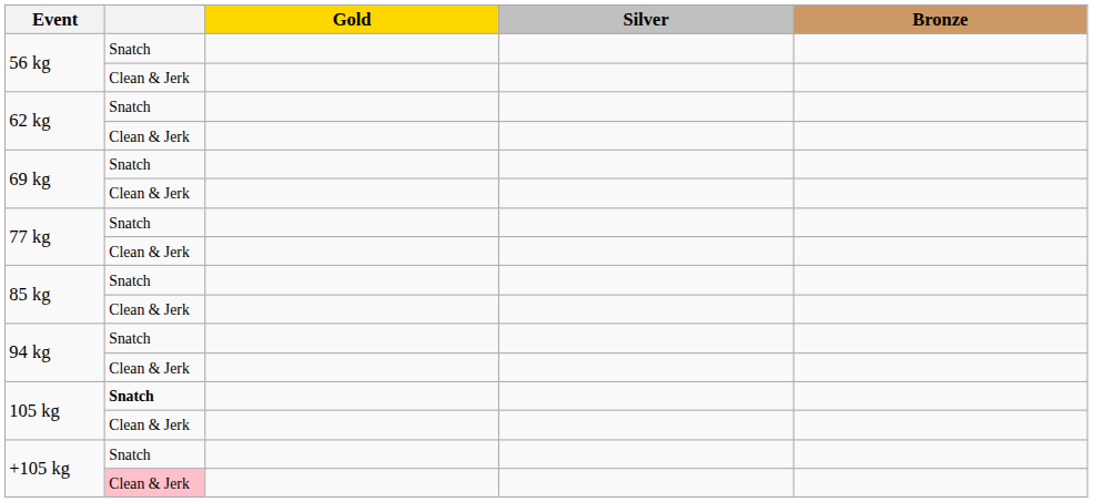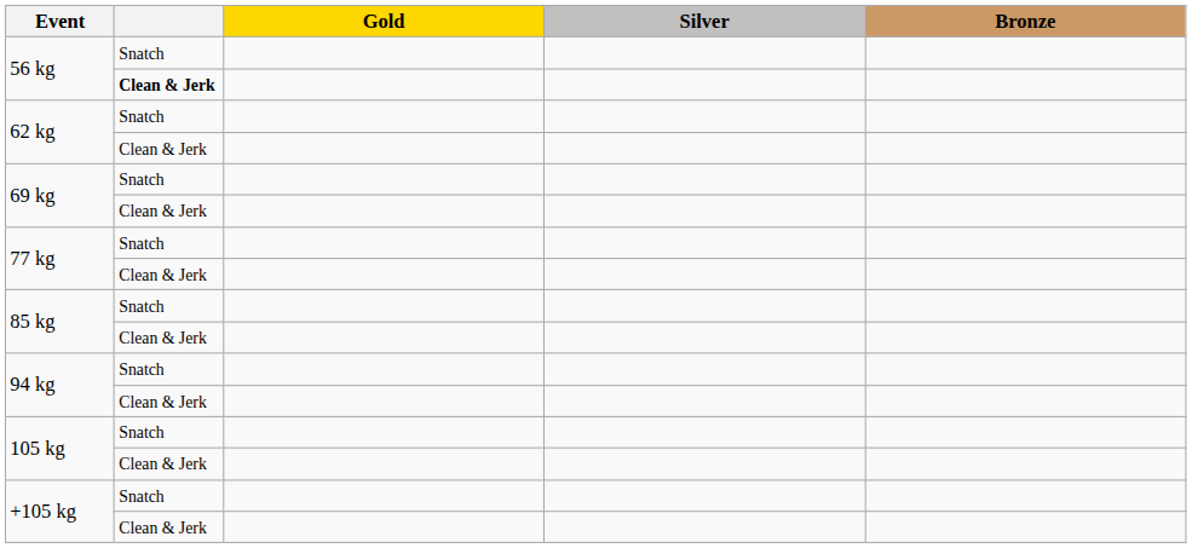 <table class="wikitable">
 <tr>
 <th width=80>Event</th>
 <th width=80></th>
 <td bgcolor=gold align="center" colspan=1 width=250><strong>Gold</strong></td>
 <td bgcolor=silver align="center" colspan=1 width=250><strong>Silver</strong></td>
 <td bgcolor=#cc9966 colspan=1 align="center" width=250><strong>Bronze</strong></td>
 </tr>
 <tr>
 <td rowspan=2>56 kg<br></td>
 <td><small>Snatch</small></td>
 <td></td>
 <td></td>
 <td></td>
 </tr>
 <tr>
-<td><small>Clean & Jerk</small></td>
+<td><strong><small>Clean & Jerk</small></strong></td>
 <td></td>
 <td></td>
 <td></td>
 </tr>
 <tr>
 <td rowspan=2>62 kg<br></td>
 <td><small>Snatch</small></td>
 <td></td>
 <td></td>
 <td></td>
 </tr>
 <tr>
 <td><small>Clean & Jerk</small></td>
 <td></td>
 <td></td>
 <td></td>
 </tr>
 <tr>
 <td rowspan=2>69 kg<br></td>
 <td><small>Snatch</small></td>
 <td></td>
 <td></td>
 <td></td>
 </tr>
 <tr>
 <td><small>Clean & Jerk</small></td>
 <td></td>
 <td></td>
 <td></td>
 </tr>
 <tr>
 <td rowspan=2>77 kg<br></td>
 <td><small>Snatch</small></td>
 <td></td>
 <td></td>
 <td></td>
 </tr>
 <tr>
 <td><small>Clean & Jerk</small></td>
 <td></td>
 <td></td>
 <td></td>
 </tr>
 <tr>
 <td rowspan=2>85 kg<br></td>
 <td><small>Snatch</small></td>
 <td></td>
 <td></td>
 <td></td>
 </tr>
 <tr>
 <td><small>Clean & Jerk</small></td>
 <td></td>
 <td></td>
 <td></td>
 </tr>
 <tr>
 <td rowspan=2>94 kg<br></td>
 <td><small>Snatch</small></td>
 <td></td>
 <td></td>
 <td></td>
 </tr>
 <tr>
 <td><small>Clean & Jerk</small></td>
 <td></td>
 <td></td>
 <td></td>
 </tr>
 <tr>
 <td rowspan=2>105 kg<br></td>
-<td><strong><small>Snatch</small></strong></td>
+<td><small>Snatch</small></td>
 <td></td>
 <td></td>
 <td></td>
 </tr>
 <tr>
 <td><small>Clean & Jerk</small></td>
 <td></td>
 <td></td>
 <td></td>
 </tr>
 <tr>
 <td rowspan=2>+105 kg<br></td>
 <td><small>Snatch</small></td>
 <td></td>
 <td></td>
 <td></td>
 </tr>
 <tr>
-<td style="background: pink;"><small>Clean & Jerk</small></td>
+<td><small>Clean & Jerk</small></td>
 <td></td>
 <td></td>
 <td></td>
 </tr>
 </table>
